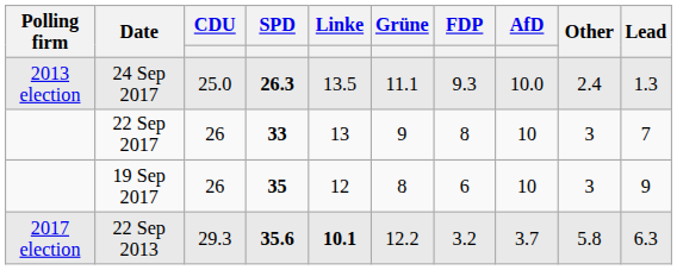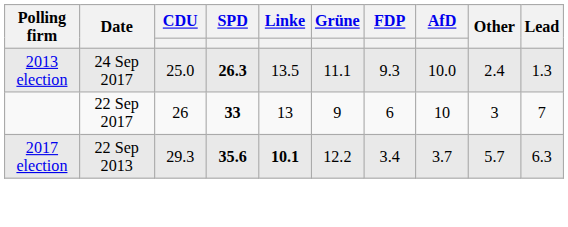 <table class="wikitable sortable" style="text-align:center; font-size:90%; line-height:16px;">
 <tr>
 <th style="width:60px;" rowspan="2">Polling firm</th>
 <th style="width:60px;" rowspan="2">Date</th>
 <th style="width:40px;" class="unsortable"><a href='#'>CDU</a></th>
 <th style="width:40px;" class="unsortable"><a href='#'>SPD</a></th>
 <th style="width:40px;" class="unsortable"><a href='#'>Linke</a></th>
 <th style="width:40px;" class="unsortable"><a href='#'>Grüne</a></th>
 <th style="width:40px;" class="unsortable"><a href='#'>FDP</a></th>
 <th style="width:40px;" class="unsortable"><a href='#'>AfD</a></th>
 <th style="width:40px;" rowspan="2" class="unsortable">Other</th>
 <th style="width:30px;" rowspan="2" class="unsortable">Lead</th>
 </tr>
 <tr>
 <th style="color:inherit;background:"></th>
 <th style="color:inherit;background:"></th>
 <th style="color:inherit;background:"></th>
 <th style="color:inherit;background:"></th>
 <th style="color:inherit;background:"></th>
 <th style="color:inherit;background:"></th>
 </tr>
 <tr style="background-color:#E9E9E9">
 <td><a href='#'>2013 election</a></td>
 <td>24 Sep 2017</td>
 <td>25.0</td>
 <td><strong>26.3</strong></td>
 <td>13.5</td>
 <td>11.1</td>
 <td>9.3</td>
 <td>10.0</td>
 <td>2.4</td>
 <td style="background:">1.3</td>
 </tr>
 <tr>
 <td></td>
 <td>22 Sep 2017</td>
 <td>26</td>
 <td><strong>33</strong></td>
 <td>13</td>
 <td>9</td>
-<td>8</td>
+<td>6</td>
 <td>10</td>
 <td>3</td>
 <td style="background:">7</td>
-</tr>
-<tr>
-<td></td>
-<td>19 Sep 2017</td>
-<td>26</td>
-<td><strong>35</strong></td>
-<td>12</td>
-<td>8</td>
-<td>6</td>
-<td>10</td>
-<td>3</td>
-<td style="background:">9</td>
 </tr>
 <tr style="background-color:#E9E9E9">
 <td><a href='#'>2017 election</a></td>
 <td>22 Sep 2013</td>
 <td>29.3</td>
 <td><strong>35.6</strong></td>
 <td><strong>10.1</strong></td>
 <td>12.2</td>
-<td>3.2</td>
+<td>3.4</td>
 <td>3.7</td>
-<td>5.8</td>
+<td>5.7</td>
 <td style="background:">6.3</td>
 </tr>
 </table>
